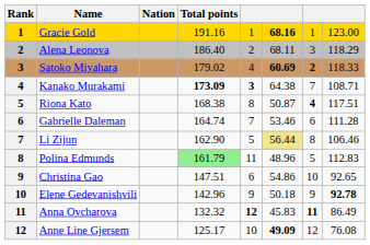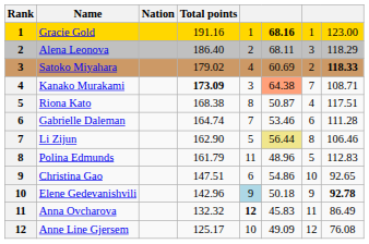 <table class="wikitable sortable">
 <tr>
 <th>Rank</th>
 <th>Name</th>
 <th>Nation</th>
 <th>Total points</th>
 <th colspan="2" width="80px"></th>
 <th colspan="2" width="80px"></th>
 </tr>
 <tr bgcolor="gold">
 <td align="center"><strong>1</strong></td>
 <td><a href='#'>Gracie Gold</a></td>
 <td></td>
 <td align="center">191.16</td>
 <td align="center">1</td>
 <td align="center"><strong>68.16</strong></td>
 <td align="center">1</td>
 <td align="center">123.00</td>
 </tr>
 <tr bgcolor="silver">
 <td align="center"><strong>2</strong></td>
 <td><a href='#'>Alena Leonova</a></td>
 <td></td>
 <td align="center">186.40</td>
 <td align="center">2</td>
 <td align="center">68.11</td>
 <td align="center">3</td>
 <td align="center">118.29</td>
 </tr>
 <tr bgcolor="cc9966">
 <td align="center"><strong>3</strong></td>
 <td><a href='#'>Satoko Miyahara</a></td>
 <td></td>
 <td align="center">179.02</td>
 <td align="center">4</td>
-<td align="center"><strong>60.69</strong></td>
-<td align="center"><strong>2</strong></td>
-<td align="center">118.33</td>
+<td align="center">60.69</td>
+<td align="center">2</td>
+<td align="center"><strong>118.33</strong></td>
 </tr>
 <tr>
 <th>4</th>
 <td><a href='#'>Kanako Murakami</a></td>
 <td></td>
 <td align="center"><strong>173.09</strong></td>
-<td align="center"><strong>3</strong></td>
-<td align="center">64.38</td>
+<td align="center">3</td>
+<td align="center" style="background: lightsalmon;">64.38</td>
 <td align="center">7</td>
 <td align="center">108.71</td>
 </tr>
 <tr>
 <th>5</th>
 <td><a href='#'>Riona Kato</a></td>
 <td></td>
 <td align="center">168.38</td>
 <td align="center">8</td>
 <td align="center">50.87</td>
-<td align="center"><strong>4</strong></td>
+<td align="center">4</td>
 <td align="center">117.51</td>
 </tr>
 <tr>
 <th>6</th>
 <td><a href='#'>Gabrielle Daleman</a></td>
 <td></td>
 <td align="center">164.74</td>
 <td align="center">7</td>
 <td align="center">53.46</td>
 <td align="center">6</td>
 <td align="center">111.28</td>
 </tr>
 <tr>
 <th>7</th>
 <td><a href='#'>Li Zijun</a></td>
 <td></td>
 <td align="center">162.90</td>
 <td align="center">5</td>
 <td align="center" style="background: khaki;">56.44</td>
 <td align="center">8</td>
 <td align="center">106.46</td>
 </tr>
 <tr>
 <th>8</th>
 <td><a href='#'>Polina Edmunds</a></td>
 <td></td>
-<td align="center" style="background: lightgreen;">161.79</td>
+<td align="center">161.79</td>
 <td align="center">11</td>
 <td align="center">48.96</td>
 <td align="center">5</td>
 <td align="center">112.83</td>
 </tr>
 <tr>
 <th>9</th>
 <td><a href='#'>Christina Gao</a></td>
 <td></td>
 <td align="center">147.51</td>
 <td align="center">6</td>
 <td align="center">54.86</td>
 <td align="center">10</td>
 <td align="center">92.65</td>
 </tr>
 <tr>
 <th>10</th>
 <td><a href='#'>Elene Gedevanishvili</a></td>
 <td></td>
 <td align="center">142.96</td>
-<td align="center">9</td>
+<td align="center" style="background: lightblue;">9</td>
 <td align="center">50.18</td>
 <td align="center">9</td>
 <td align="center"><strong>92.78</strong></td>
 </tr>
 <tr>
 <th>11</th>
 <td><a href='#'>Anna Ovcharova</a></td>
 <td></td>
 <td align="center">132.32</td>
 <td align="center"><strong>12</strong></td>
 <td align="center">45.83</td>
-<td align="center"><strong>11</strong></td>
+<td align="center">11</td>
 <td align="center">86.49</td>
 </tr>
 <tr>
 <th>12</th>
 <td><a href='#'>Anne Line Gjersem</a></td>
 <td></td>
 <td align="center">125.17</td>
 <td align="center">10</td>
-<td align="center"><strong>49.09</strong></td>
+<td align="center">49.09</td>
 <td align="center">12</td>
 <td align="center">76.08</td>
 </tr>
 </table>
